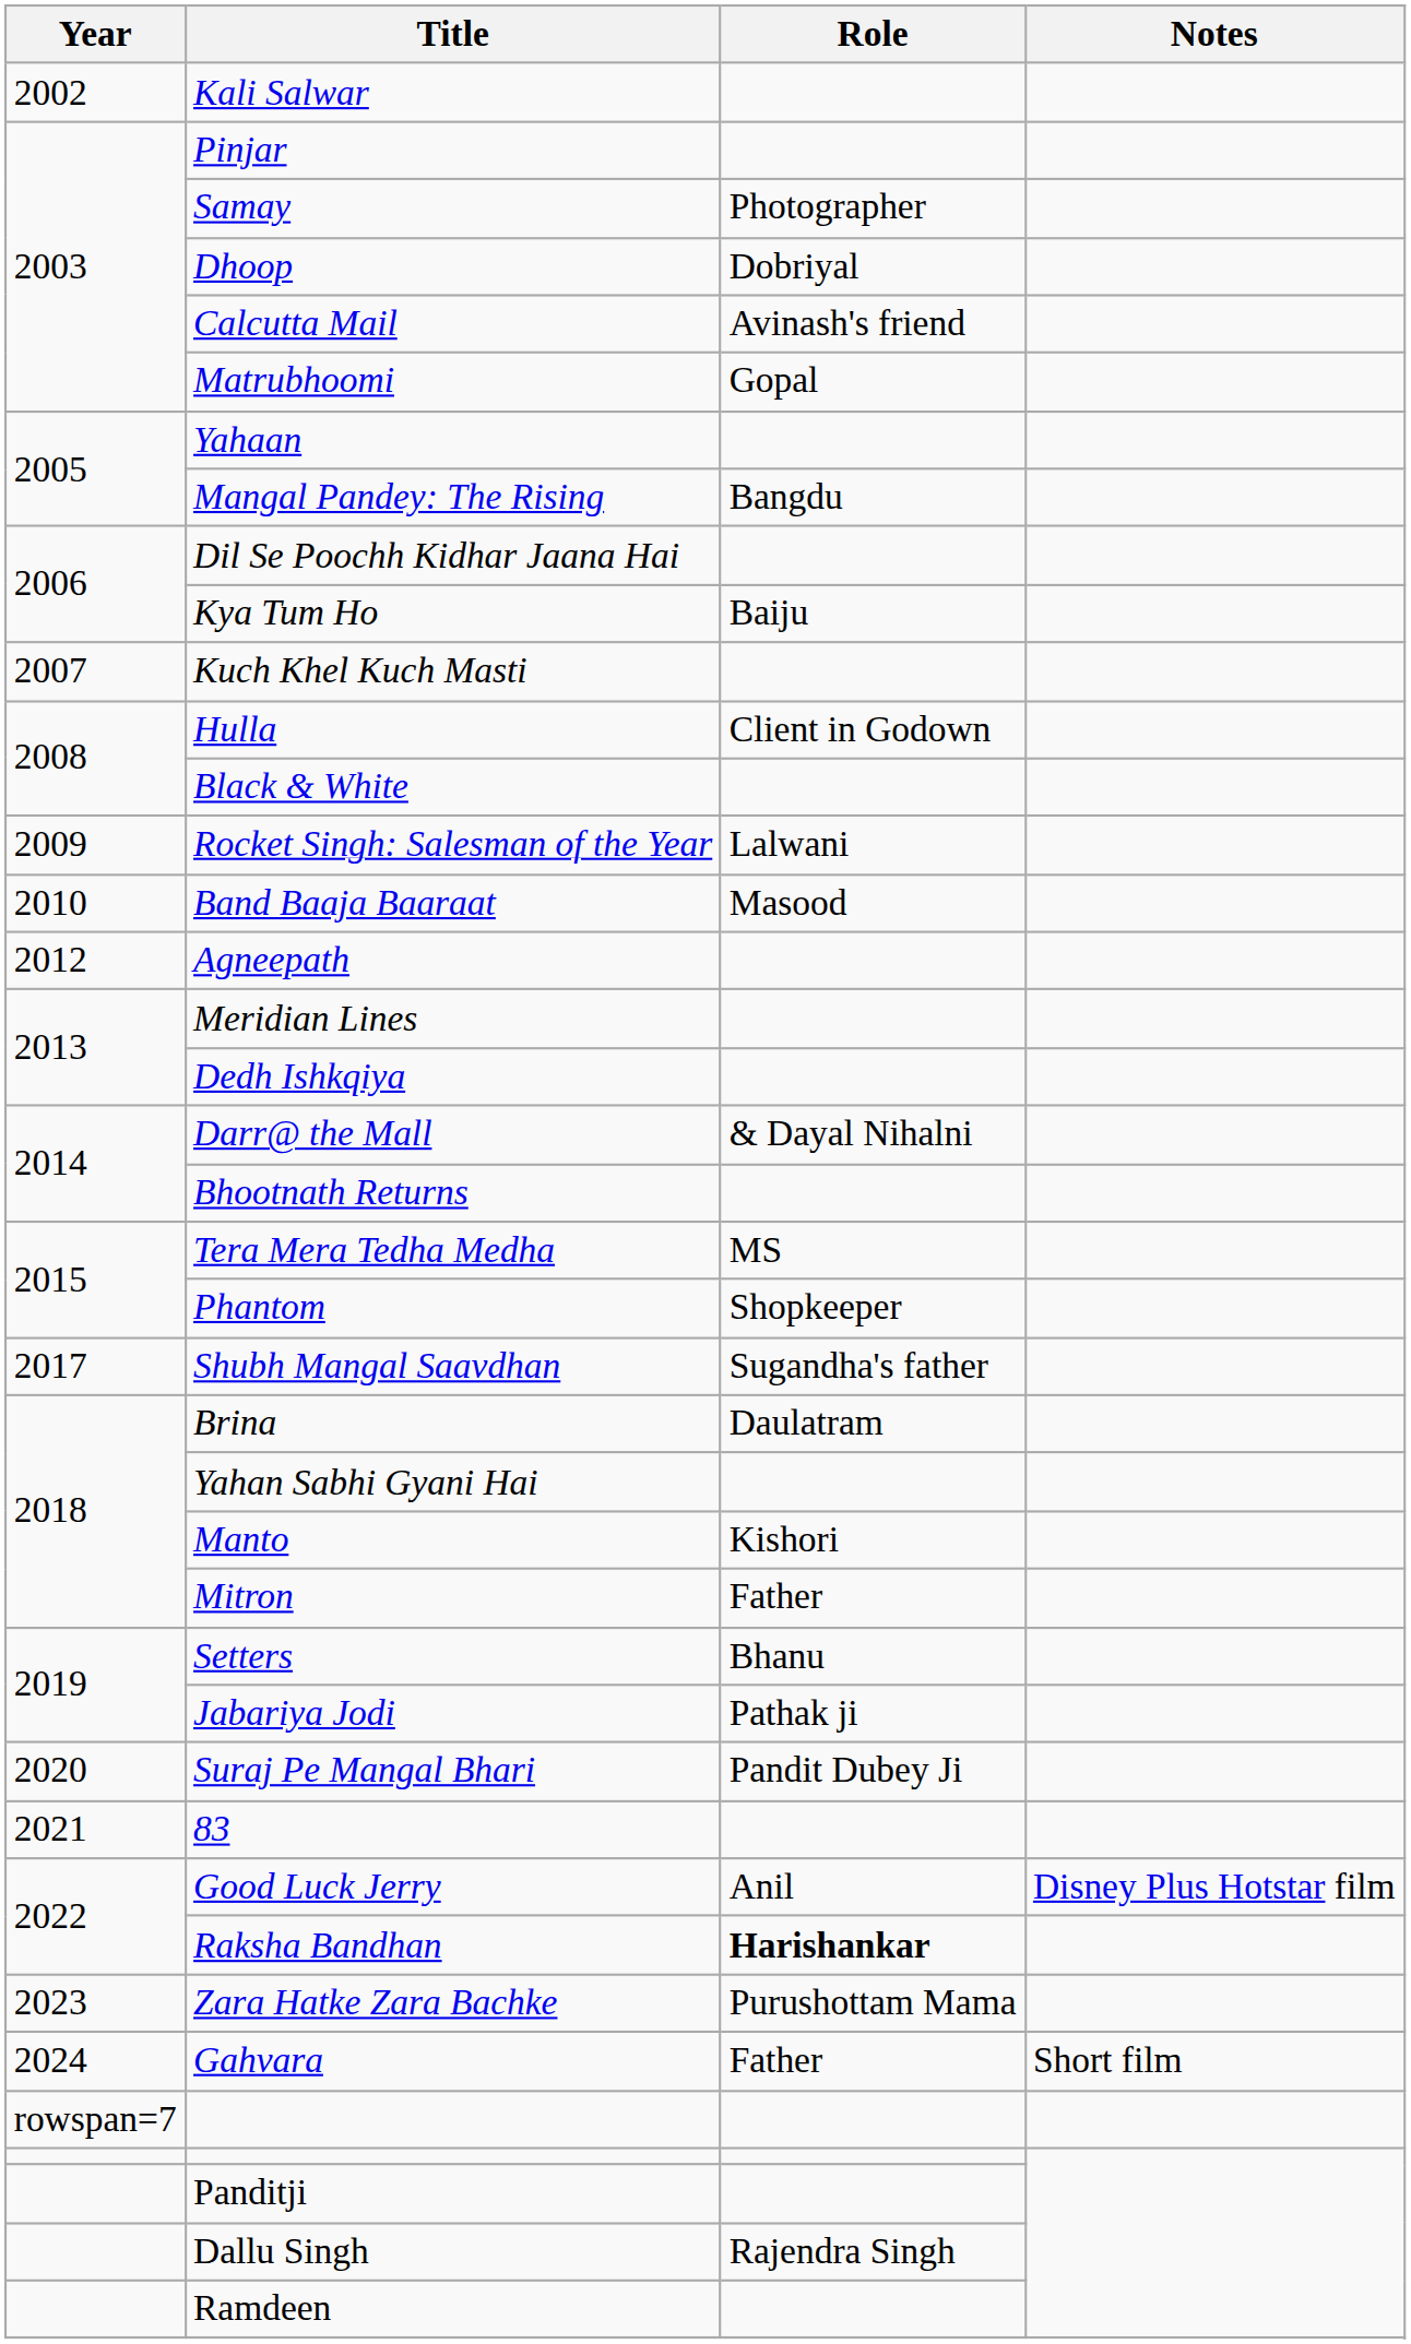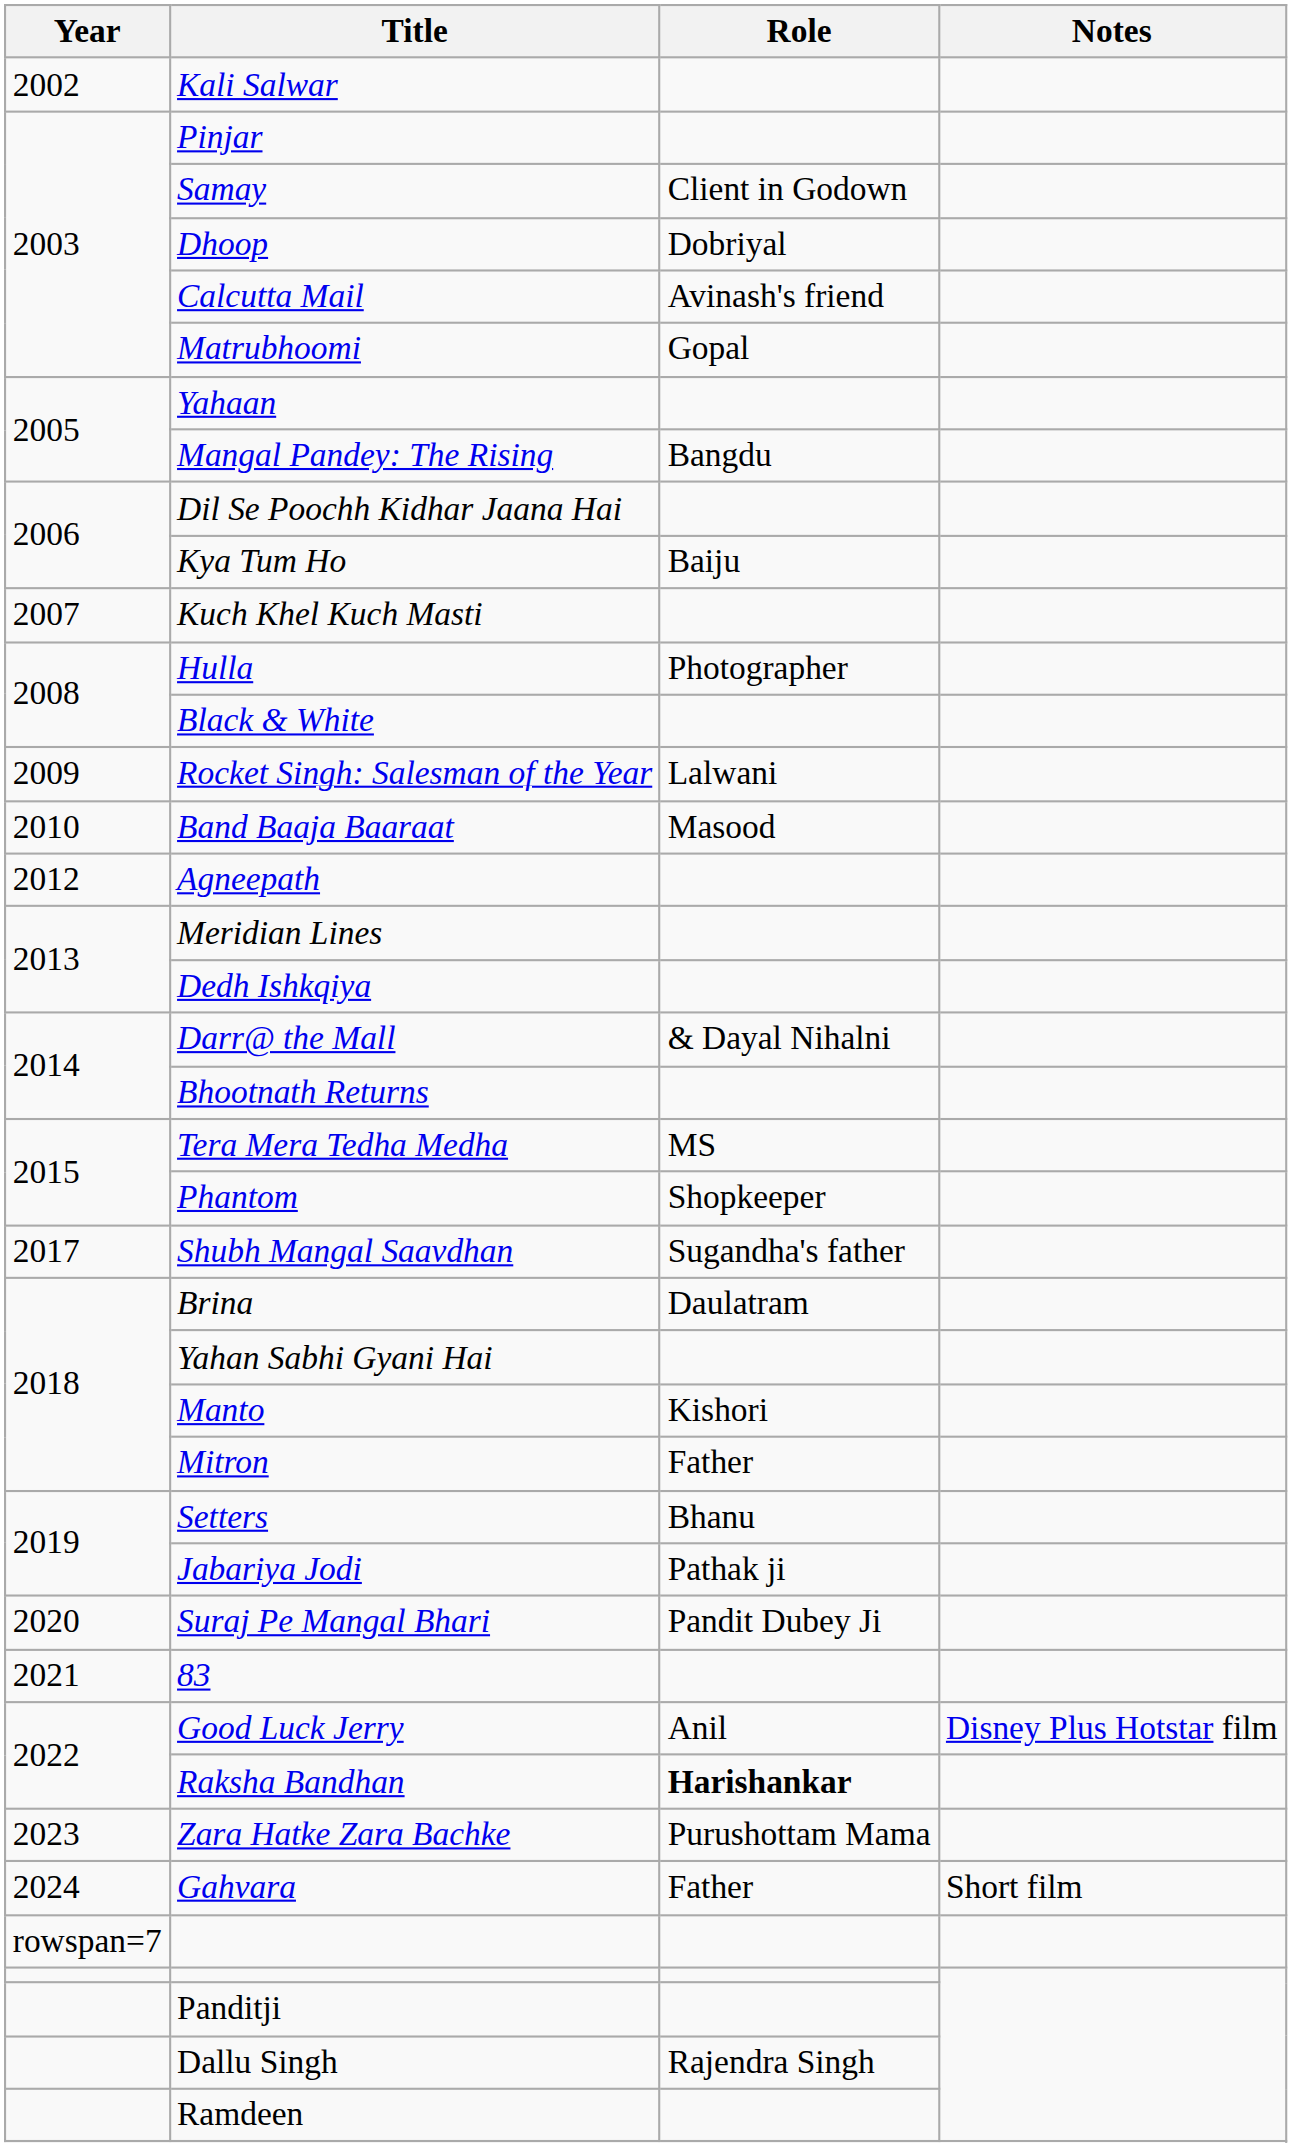 <table class="wikitable sortable">
 <tr>
 <th>Year</th>
 <th>Title</th>
 <th>Role</th>
 <th class="unsortable">Notes</th>
 </tr>
 <tr>
 <td>2002</td>
 <td><em><a href='#'>Kali Salwar</a></em></td>
 <td></td>
 <td></td>
 </tr>
 <tr>
 <td rowspan=5>2003</td>
 <td><em><a href='#'>Pinjar</a></em></td>
 <td></td>
 <td></td>
 </tr>
 <tr>
 <td><em><a href='#'>Samay</a></em></td>
-<td>Photographer</td>
+<td>Client in Godown</td>
 <td></td>
 </tr>
 <tr>
 <td><em><a href='#'>Dhoop</a></em></td>
 <td>Dobriyal</td>
 <td></td>
 </tr>
 <tr>
 <td><em><a href='#'>Calcutta Mail</a></em></td>
 <td>Avinash's friend</td>
 <td></td>
 </tr>
 <tr>
 <td><em><a href='#'>Matrubhoomi</a></em></td>
 <td>Gopal</td>
 <td></td>
 </tr>
 <tr>
 <td rowspan=2>2005</td>
 <td><em><a href='#'>Yahaan</a></em></td>
 <td></td>
 <td></td>
 </tr>
 <tr>
 <td><em><a href='#'>Mangal Pandey: The Rising</a></em></td>
 <td>Bangdu</td>
 <td></td>
 </tr>
 <tr>
 <td rowspan=2>2006</td>
 <td><em>Dil Se Poochh Kidhar Jaana Hai</em></td>
 <td></td>
 <td></td>
 </tr>
 <tr>
 <td><em>Kya Tum Ho</em></td>
 <td>Baiju</td>
 <td></td>
 </tr>
 <tr>
 <td>2007</td>
 <td><em>Kuch Khel Kuch Masti</em></td>
 <td></td>
 <td></td>
 </tr>
 <tr>
 <td rowspan=2>2008</td>
 <td><em><a href='#'>Hulla</a></em></td>
-<td>Client in Godown</td>
+<td>Photographer</td>
 <td></td>
 </tr>
 <tr>
 <td><em><a href='#'>Black & White</a></em></td>
 <td></td>
 <td></td>
 </tr>
 <tr>
 <td>2009</td>
 <td><em><a href='#'>Rocket Singh: Salesman of the Year</a></em></td>
 <td>Lalwani</td>
 <td></td>
 </tr>
 <tr>
 <td>2010</td>
 <td><em><a href='#'>Band Baaja Baaraat</a></em></td>
 <td>Masood</td>
 <td></td>
 </tr>
 <tr>
 <td>2012</td>
 <td><em><a href='#'>Agneepath</a></em></td>
 <td></td>
 <td></td>
 </tr>
 <tr>
 <td rowspan=2>2013</td>
 <td><em>Meridian Lines</em></td>
 <td></td>
 <td></td>
 </tr>
 <tr>
 <td><em><a href='#'>Dedh Ishkqiya</a></em></td>
 <td></td>
 <td></td>
 </tr>
 <tr>
 <td rowspan=2>2014</td>
 <td><em><a href='#'>Darr@ the Mall</a></em></td>
 <td> & Dayal Nihalni</td>
 <td></td>
 </tr>
 <tr>
 <td><em><a href='#'>Bhootnath Returns</a></em></td>
 <td></td>
 <td></td>
 </tr>
 <tr>
 <td rowspan=2>2015</td>
 <td><em><a href='#'>Tera Mera Tedha Medha</a></em></td>
 <td>MS</td>
 <td></td>
 </tr>
 <tr>
 <td><em><a href='#'>Phantom</a></em></td>
 <td>Shopkeeper</td>
 <td></td>
 </tr>
 <tr>
 <td>2017</td>
 <td><em><a href='#'>Shubh Mangal Saavdhan</a></em></td>
 <td>Sugandha's father</td>
 <td></td>
 </tr>
 <tr>
 <td rowspan=4>2018</td>
 <td><em>Brina</em></td>
 <td>Daulatram</td>
 <td></td>
 </tr>
 <tr>
 <td><em>Yahan Sabhi Gyani Hai</em></td>
 <td></td>
 <td></td>
 </tr>
 <tr>
 <td><em><a href='#'>Manto</a></em></td>
 <td>Kishori</td>
 <td></td>
 </tr>
 <tr>
 <td><em><a href='#'>Mitron</a></em></td>
 <td>Father</td>
 <td></td>
 </tr>
 <tr>
 <td rowspan=2>2019</td>
 <td><em><a href='#'>Setters</a></em></td>
 <td>Bhanu</td>
 <td></td>
 </tr>
 <tr>
 <td><em><a href='#'>Jabariya Jodi</a></em></td>
 <td>Pathak ji</td>
 <td></td>
 </tr>
 <tr>
 <td>2020</td>
 <td><em><a href='#'>Suraj Pe Mangal Bhari</a></em></td>
 <td>Pandit Dubey Ji</td>
 <td></td>
 </tr>
 <tr>
 <td>2021</td>
 <td><em><a href='#'>83</a></em></td>
 <td></td>
 <td></td>
 </tr>
 <tr>
 <td rowspan=2>2022</td>
 <td><em><a href='#'>Good Luck Jerry</a></em></td>
 <td>Anil</td>
 <td><a href='#'>Disney Plus Hotstar</a> film</td>
 </tr>
 <tr>
 <td><em><a href='#'>Raksha Bandhan</a></em></td>
 <td><strong>Harishankar</strong></td>
 <td></td>
 </tr>
 <tr>
 <td>2023</td>
 <td><em><a href='#'>Zara Hatke Zara Bachke</a></em></td>
 <td>Purushottam Mama</td>
 <td></td>
 </tr>
 <tr>
 <td>2024</td>
 <td><em><a href='#'>Gahvara</a></em></td>
 <td>Father</td>
 <td>Short film</td>
 </tr>
 <tr>
 <td>rowspan=7 </td>
 <td></td>
 <td></td>
 <td></td>
 </tr>
 <tr>
 <td></td>
 <td></td>
 <td></td>
 </tr>
 <tr>
 <td></td>
 <td>Panditji</td>
 <td></td>
 </tr>
 <tr>
 <td></td>
 <td>Dallu Singh</td>
 <td>Rajendra Singh</td>
 </tr>
 <tr>
 <td></td>
 <td>Ramdeen</td>
 <td></td>
 </tr>
 <tr>
 </tr>
 </table>
